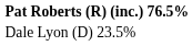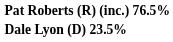 <table>
 <tr>
 <td><strong>Pat Roberts (R) (inc.) 76.5%</strong></td>
 </tr>
 <tr>
-<td>Dale Lyon (D) 23.5%</td>
+<td><strong>Dale Lyon (D) 23.5%</strong></td>
 </tr>
 </table>
